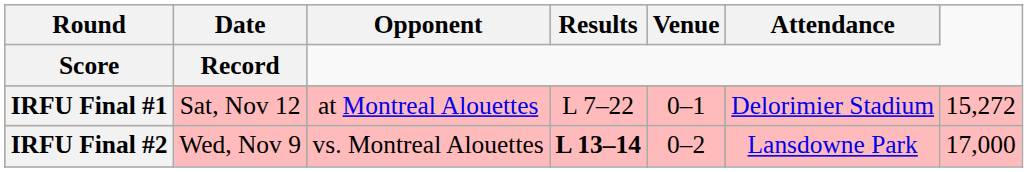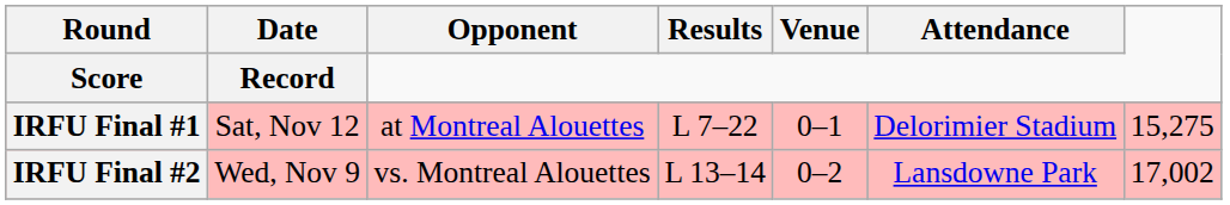 <table class="wikitable" style="text-align:center">
 <tr>
 <th>Round</th>
 <th>Date</th>
 <th>Opponent</th>
 <th>Results</th>
 <th>Venue</th>
 <th>Attendance</th>
 </tr>
 <tr>
 <th>Score</th>
 <th>Record</th>
 </tr>
 <tr style="background:#ffbbbb">
 <th>IRFU Final #1</th>
 <td>Sat, Nov 12</td>
 <td>at <a href='#'>Montreal Alouettes</a></td>
 <td>L 7–22</td>
 <td>0–1</td>
 <td><a href='#'>Delorimier Stadium</a></td>
-<td>15,272</td>
+<td>15,275</td>
 </tr>
 <tr style="background:#ffbbbb">
 <th>IRFU Final #2</th>
 <td>Wed, Nov 9</td>
 <td>vs. Montreal Alouettes</td>
-<td><strong>L 13–14</strong></td>
+<td>L 13–14</td>
 <td>0–2</td>
 <td><a href='#'>Lansdowne Park</a></td>
-<td>17,000</td>
+<td>17,002</td>
 </tr>
 </table>
